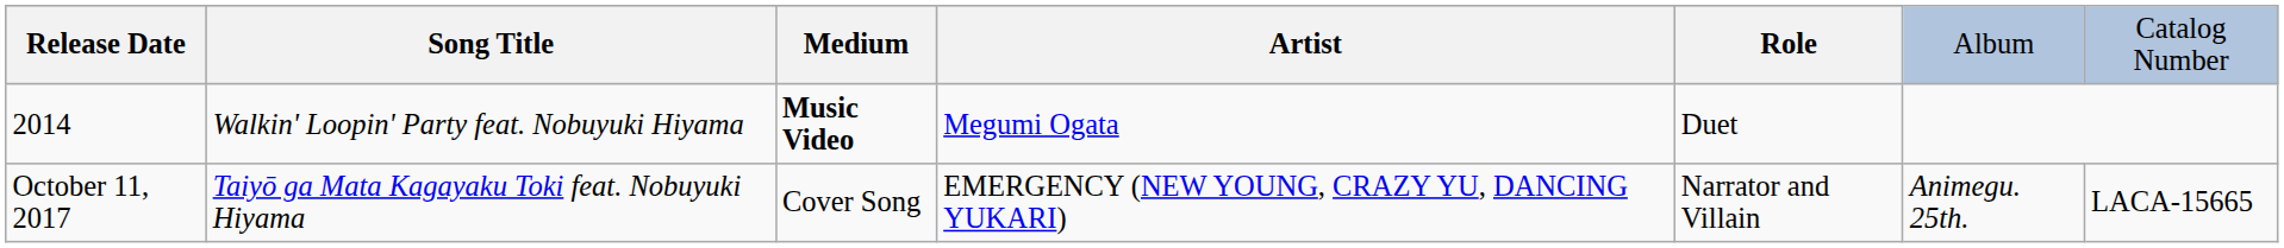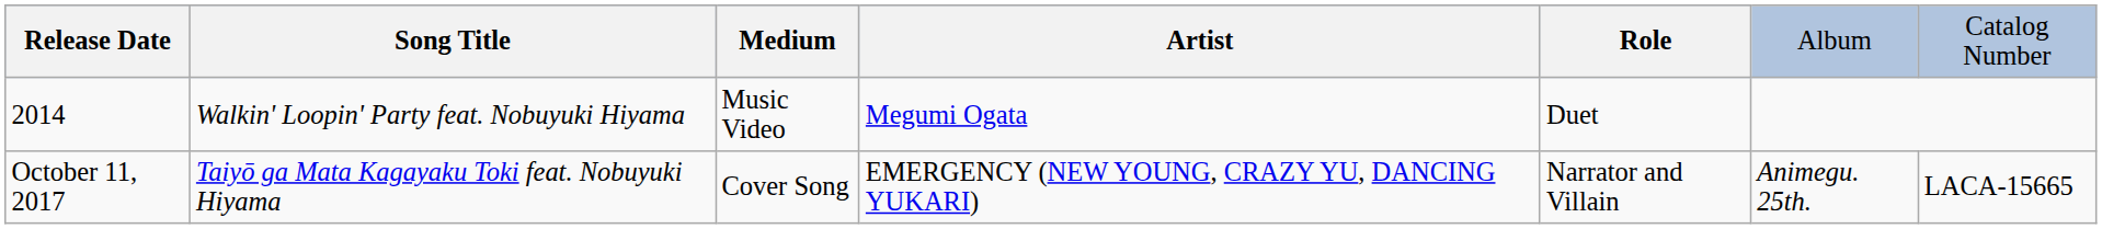 <table class="wikitable">
 <tr style="background:#b0c4de; text-align:center;">
 <th>Release Date</th>
 <th>Song Title</th>
 <th>Medium</th>
 <th>Artist</th>
 <th>Role</th>
 <td>Album</td>
 <td>Catalog Number</td>
 </tr>
 <tr>
 <td>2014</td>
 <td><em>Walkin' Loopin' Party feat. Nobuyuki Hiyama</em></td>
-<td><strong>Music Video</strong></td>
+<td>Music Video</td>
 <td><a href='#'>Megumi Ogata</a></td>
 <td>Duet</td>
 </tr>
 <tr>
 <td>October 11, 2017</td>
 <td><em><a href='#'>Taiyō ga Mata Kagayaku Toki</a>  feat. Nobuyuki Hiyama</em></td>
 <td>Cover Song</td>
 <td>EMERGENCY (<a href='#'>NEW YOUNG</a>, <a href='#'>CRAZY YU</a>, <a href='#'>DANCING YUKARI</a>)</td>
 <td>Narrator and Villain</td>
 <td><em>Animegu. 25th.</em></td>
 <td>LACA-15665</td>
 </tr>
 </table>
